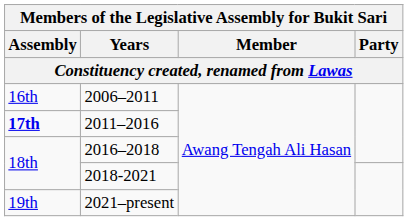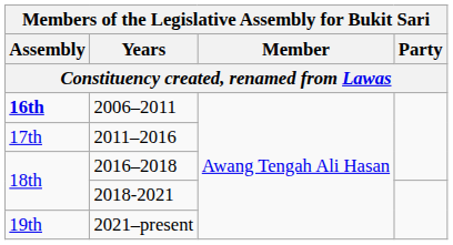 <table class=wikitable>
 <tr>
 <th colspan="4">Members of the Legislative Assembly for Bukit Sari</th>
 </tr>
 <tr>
 <th>Assembly</th>
 <th>Years</th>
 <th>Member</th>
 <th>Party</th>
 </tr>
 <tr>
 <th colspan=4 align=center><em>Constituency created, renamed from <a href='#'>Lawas</a></em></th>
 </tr>
 <tr>
-<td><a href='#'>16th</a></td>
+<td><strong><a href='#'>16th</a></strong></td>
 <td>2006–2011</td>
 <td rowspan="5"><a href='#'>Awang Tengah Ali Hasan</a></td>
 <td rowspan=3 bgcolor=></td>
 </tr>
 <tr>
-<td><strong><a href='#'>17th</a></strong></td>
+<td><a href='#'>17th</a></td>
 <td>2011–2016</td>
 </tr>
 <tr>
 <td rowspan="2"><a href='#'>18th</a></td>
 <td>2016–2018</td>
 </tr>
 <tr>
 <td>2018-2021</td>
 <td rowspan="2" bgcolor=></td>
 </tr>
 <tr>
 <td><a href='#'>19th</a></td>
 <td>2021–present</td>
 </tr>
 </table>
